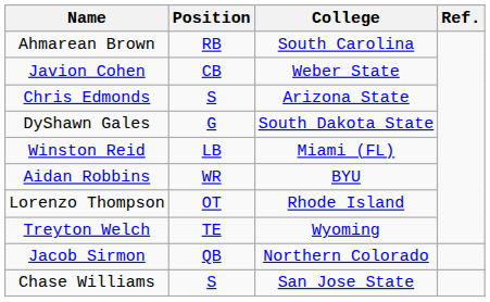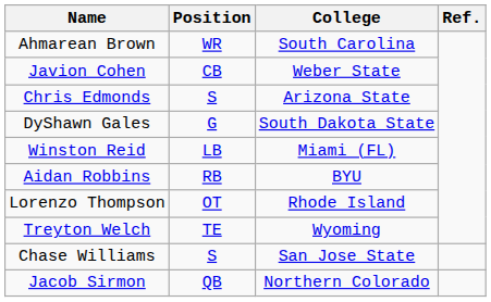 <table class="wikitable" style="text-align:center">
 <tr>
 <th>Name</th>
 <th>Position</th>
 <th>College</th>
 <th>Ref.</th>
 </tr>
 <tr>
 <td>Ahmarean Brown</td>
-<td><a href='#'>RB</a></td>
+<td><a href='#'>WR</a></td>
 <td><a href='#'>South Carolina</a></td>
 <td rowspan="8"></td>
 </tr>
 <tr>
 <td><a href='#'>Javion Cohen</a></td>
 <td><a href='#'>CB</a></td>
 <td><a href='#'>Weber State</a></td>
 </tr>
 <tr>
 <td><a href='#'>Chris Edmonds</a></td>
 <td><a href='#'>S</a></td>
 <td><a href='#'>Arizona State</a></td>
 </tr>
 <tr>
 <td>DyShawn Gales</td>
 <td><a href='#'>G</a></td>
 <td><a href='#'>South Dakota State</a></td>
 </tr>
 <tr>
 <td><a href='#'>Winston Reid</a></td>
 <td><a href='#'>LB</a></td>
 <td><a href='#'>Miami (FL)</a></td>
 </tr>
 <tr>
 <td><a href='#'>Aidan Robbins</a></td>
-<td><a href='#'>WR</a></td>
+<td><a href='#'>RB</a></td>
 <td><a href='#'>BYU</a></td>
 </tr>
 <tr>
 <td>Lorenzo Thompson</td>
 <td><a href='#'>OT</a></td>
 <td><a href='#'>Rhode Island</a></td>
 </tr>
 <tr>
 <td><a href='#'>Treyton Welch</a></td>
 <td><a href='#'>TE</a></td>
 <td><a href='#'>Wyoming</a></td>
 </tr>
 <tr>
+<td>Chase Williams</td>
+<td><a href='#'>S</a></td>
+<td><a href='#'>San Jose State</a></td>
+<td></td>
+</tr>
+<tr>
 <td><a href='#'>Jacob Sirmon</a></td>
 <td><a href='#'>QB</a></td>
 <td><a href='#'>Northern Colorado</a></td>
 <td></td>
 </tr>
-<tr>
-<td>Chase Williams</td>
-<td><a href='#'>S</a></td>
-<td><a href='#'>San Jose State</a></td>
-<td></td>
-</tr>
 </table>
